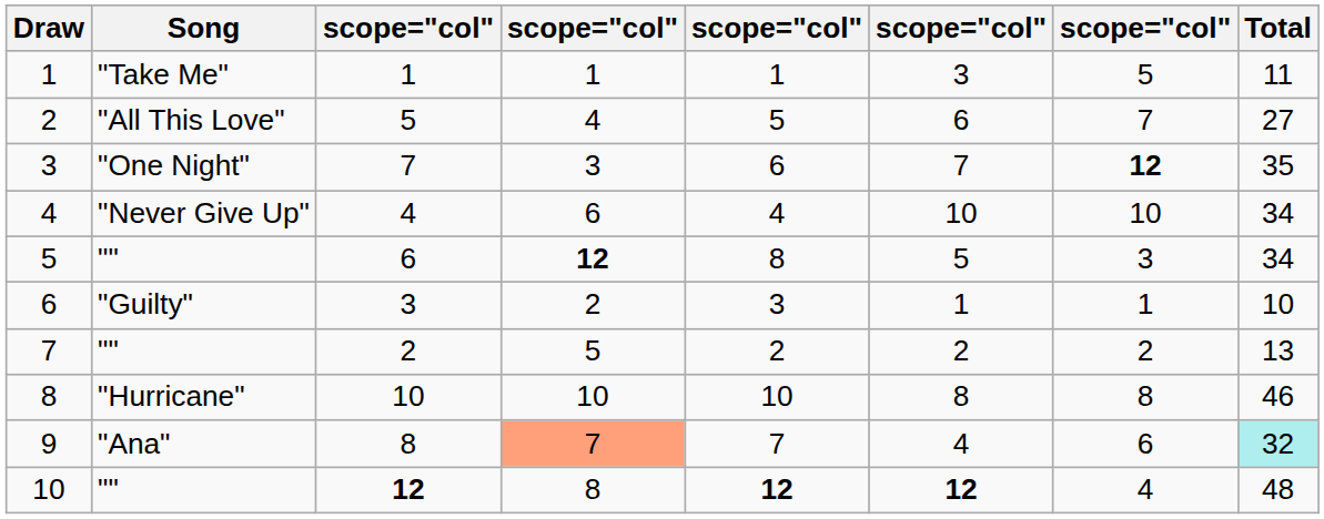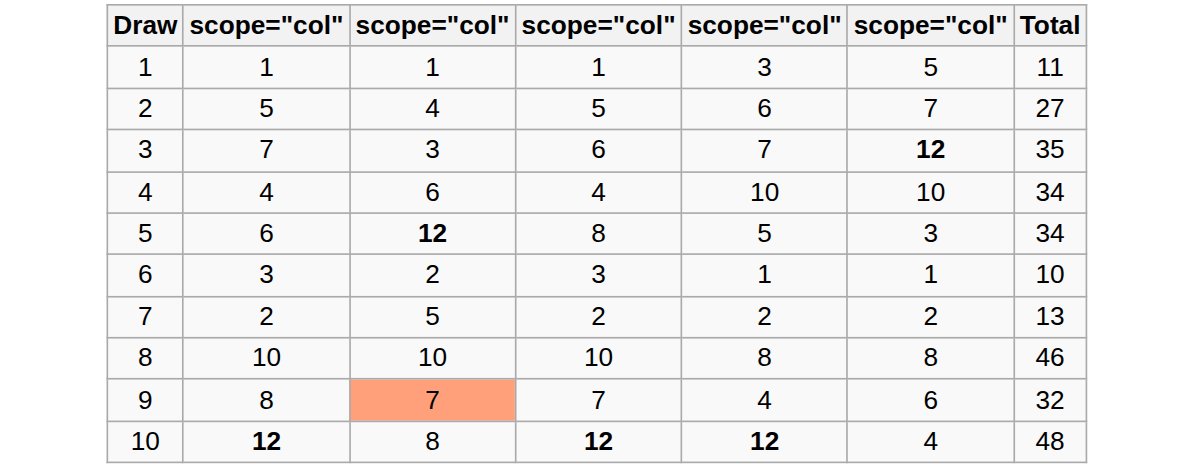 <table class="wikitable collapsible" style="margin: 1em auto 1em auto; text-align:center;">
 <tr>
 <th>Draw</th>
-<th>Song</th>
 <th>scope="col" </th>
 <th>scope="col" </th>
 <th>scope="col" </th>
 <th>scope="col" </th>
 <th>scope="col" </th>
 <th>Total</th>
 </tr>
 <tr>
 <td>1</td>
-<td align="left">"Take Me"</td>
 <td>1</td>
 <td>1</td>
 <td>1</td>
 <td>3</td>
 <td>5</td>
 <td>11</td>
 </tr>
 <tr>
 <td>2</td>
-<td align="left">"All This Love"</td>
 <td>5</td>
 <td>4</td>
 <td>5</td>
 <td>6</td>
 <td>7</td>
 <td>27</td>
 </tr>
 <tr>
 <td>3</td>
-<td align="left">"One Night"</td>
 <td>7</td>
 <td>3</td>
 <td>6</td>
 <td>7</td>
 <td><strong>12</strong></td>
 <td>35</td>
 </tr>
 <tr>
 <td>4</td>
-<td align="left">"Never Give Up"</td>
 <td>4</td>
 <td>6</td>
 <td>4</td>
 <td>10</td>
 <td>10</td>
 <td>34</td>
 </tr>
 <tr>
 <td>5</td>
-<td align="left">""</td>
 <td>6</td>
 <td><strong>12</strong></td>
 <td>8</td>
 <td>5</td>
 <td>3</td>
 <td>34</td>
 </tr>
 <tr>
 <td>6</td>
-<td align="left">"Guilty"</td>
 <td>3</td>
 <td>2</td>
 <td>3</td>
 <td>1</td>
 <td>1</td>
 <td>10</td>
 </tr>
 <tr>
 <td>7</td>
-<td align="left">""</td>
 <td>2</td>
 <td>5</td>
 <td>2</td>
 <td>2</td>
 <td>2</td>
 <td>13</td>
 </tr>
 <tr>
 <td>8</td>
-<td align="left">"Hurricane"</td>
 <td>10</td>
 <td>10</td>
 <td>10</td>
 <td>8</td>
 <td>8</td>
 <td>46</td>
 </tr>
 <tr>
 <td>9</td>
-<td align="left">"Ana"</td>
 <td>8</td>
 <td style="background: lightsalmon;">7</td>
 <td>7</td>
 <td>4</td>
 <td>6</td>
-<td style="background: paleturquoise;">32</td>
+<td>32</td>
 </tr>
 <tr>
 <td>10</td>
-<td align="left">""</td>
 <td><strong>12</strong></td>
 <td>8</td>
 <td><strong>12</strong></td>
 <td><strong>12</strong></td>
 <td>4</td>
 <td>48</td>
 </tr>
 </table>
